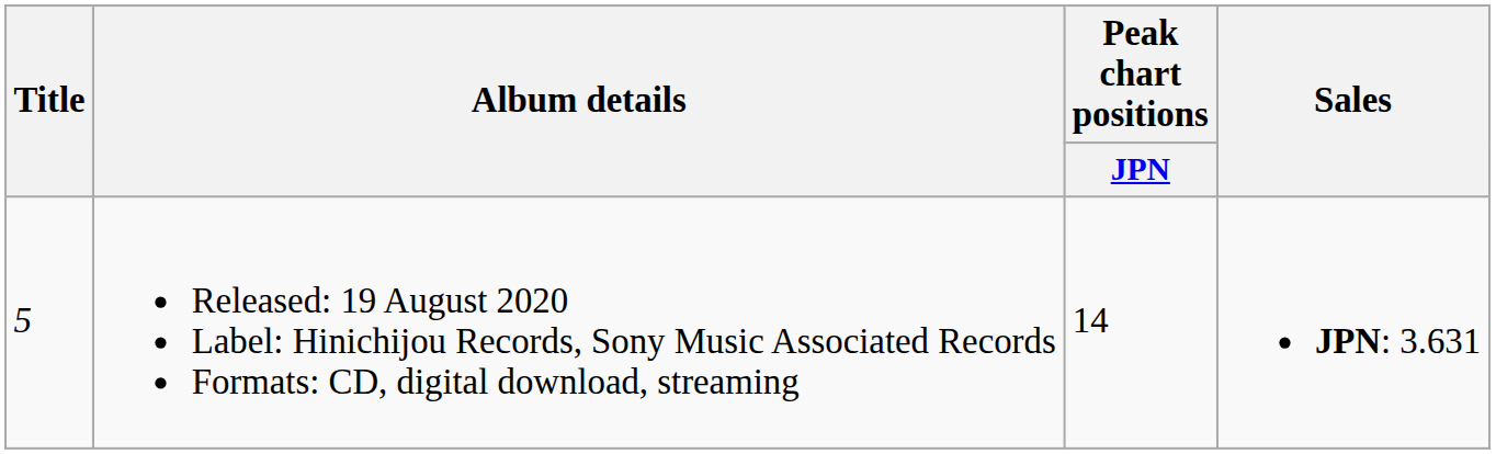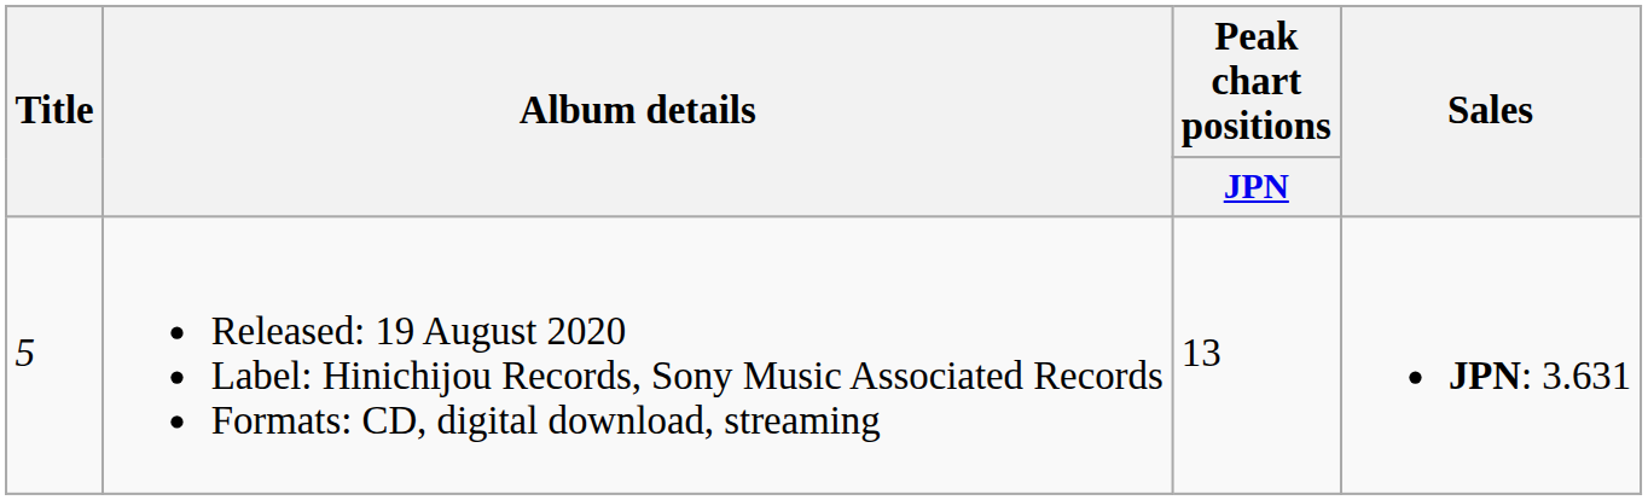 <table class="wikitable plainrowheaders">
 <tr>
 <th rowspan="2" scope="col">Title</th>
 <th rowspan="2" scope="col">Album details</th>
 <th scope="col">Peak chart positions</th>
 <th rowspan="2">Sales</th>
 </tr>
 <tr>
 <th scope="col" style="width:2.5em;font-size:90%;"><a href='#'>JPN</a><br></th>
 </tr>
 <tr>
 <td><em>5</em></td>
 <td><br><ul><li>Released: 19 August 2020</li><li>Label: Hinichijou Records, Sony Music Associated Records</li><li>Formats: CD, digital download, streaming</li></ul></td>
-<td>14</td>
+<td>13</td>
 <td><br><ul><li><strong>JPN</strong>: 3.631</li></ul></td>
 </tr>
 </table>
